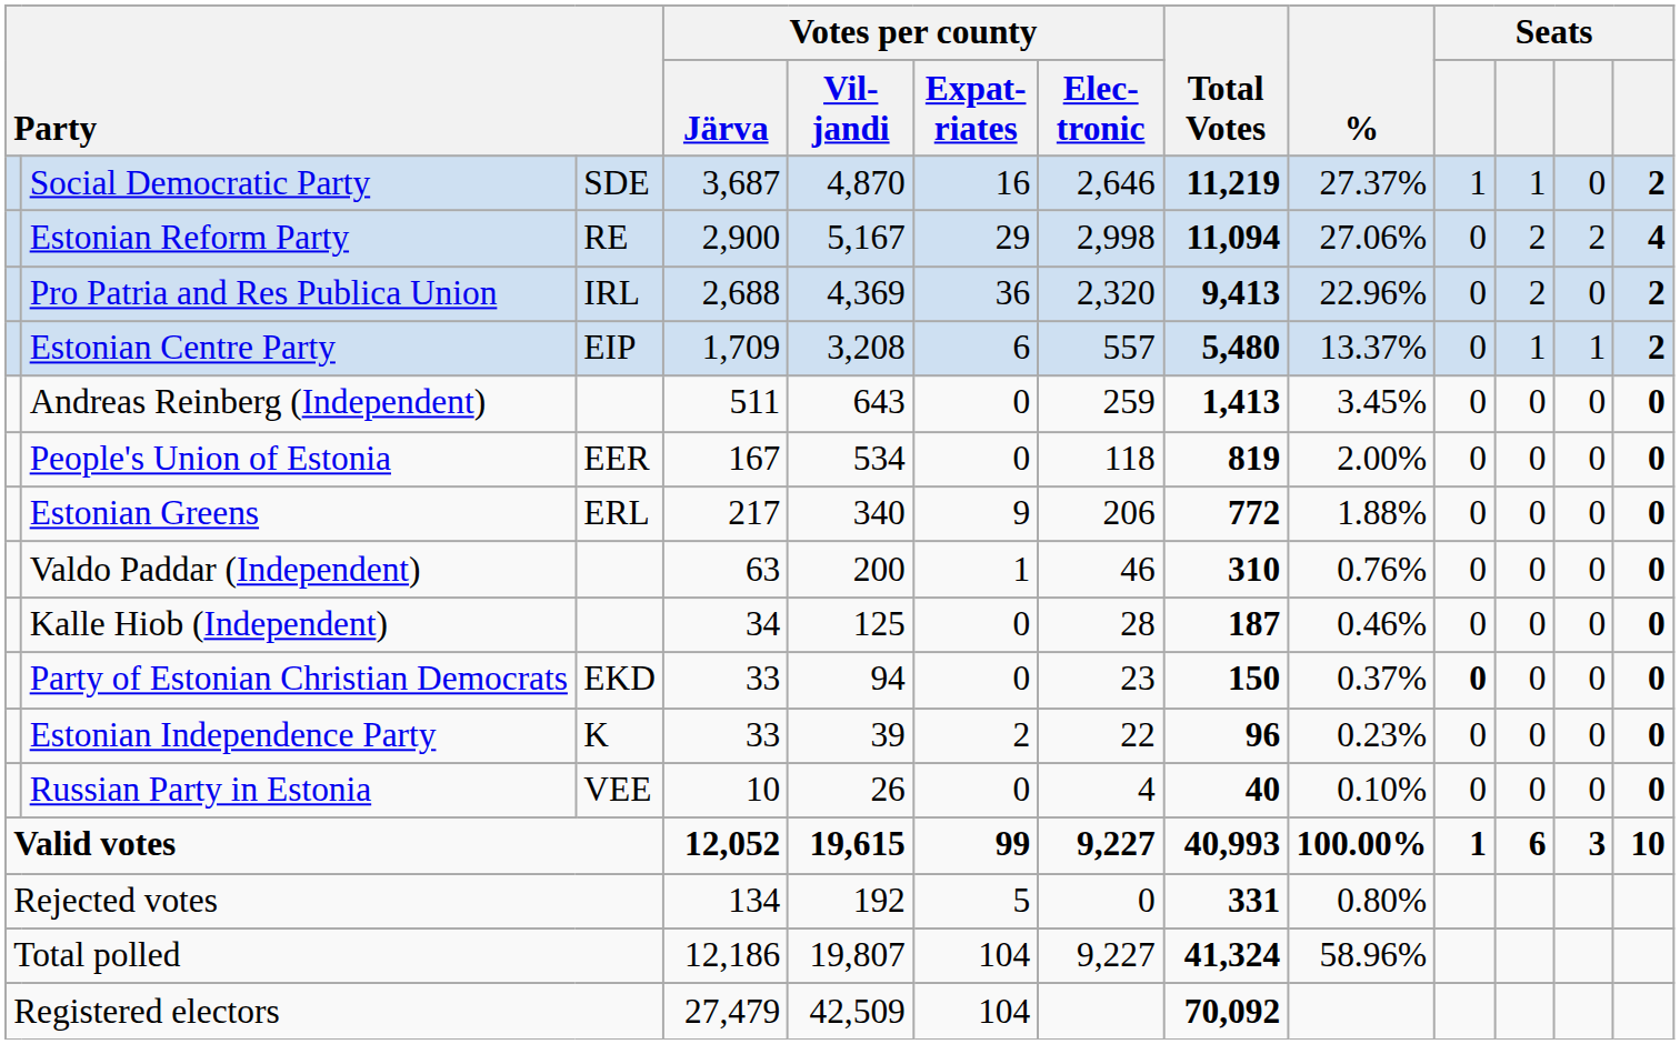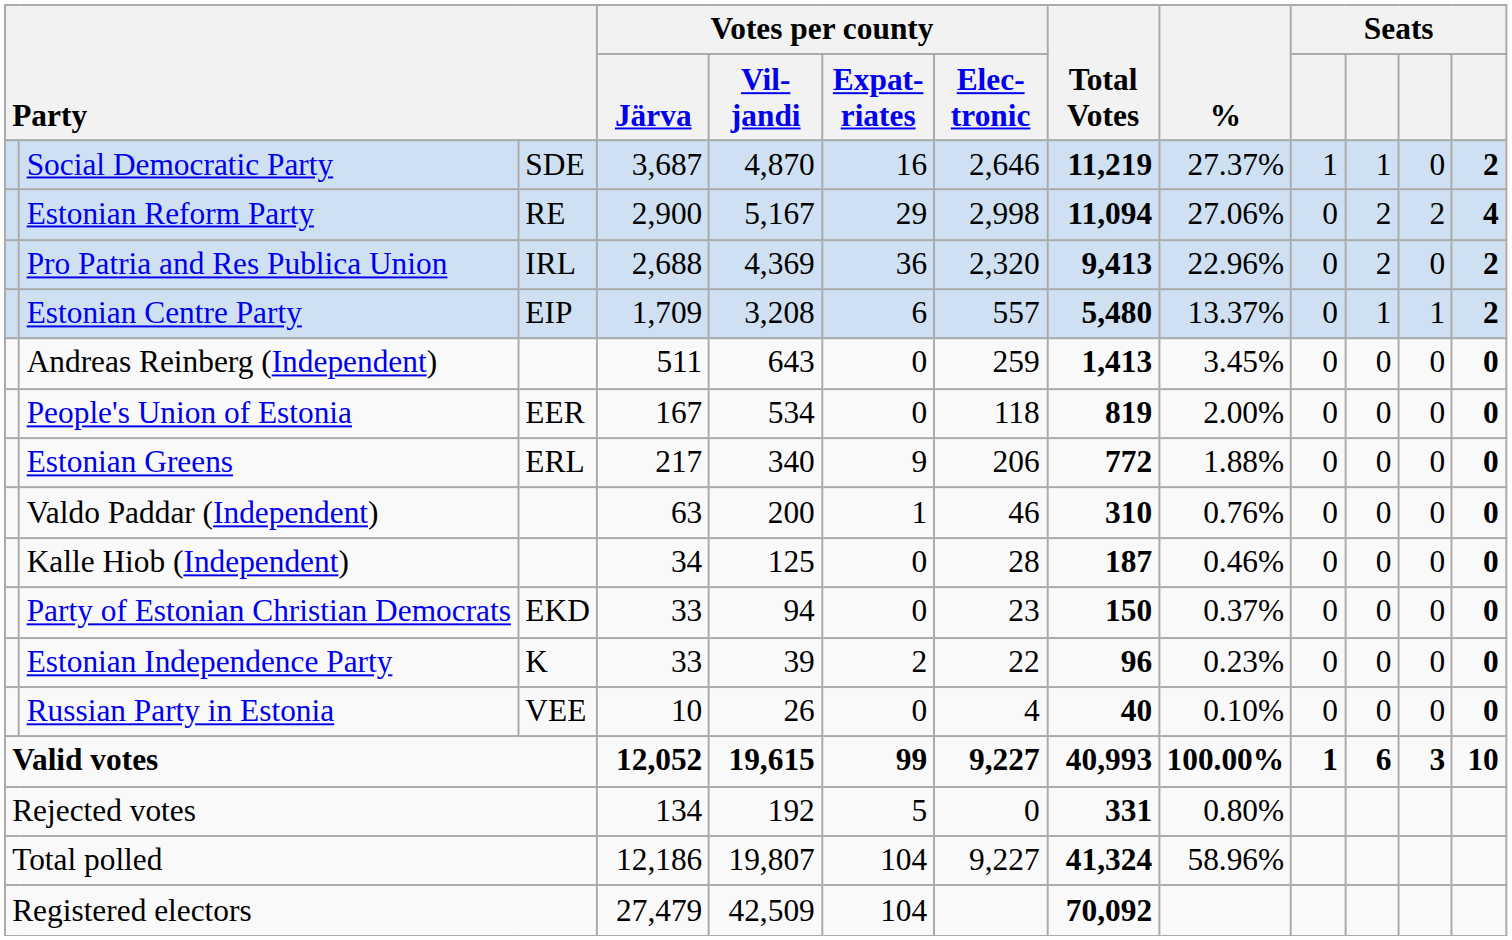 <table class="wikitable" border="1" style="text-align:right;">
 <tr>
 <th style="text-align:left;" valign=bottom rowspan=2 colspan=3>Party</th>
 <th colspan=4>Votes per county</th>
 <th align=center valign=bottom rowspan=2 width="50">Total Votes</th>
 <th align=center valign=bottom rowspan=2 width="50">%</th>
 <th colspan=4>Seats</th>
 </tr>
 <tr>
 <th align=center valign=bottom width="50"><a href='#'>Järva</a></th>
 <th align=center valign=bottom width="50"><a href='#'>Vil- jandi</a></th>
 <th align=center valign=bottom width="50"><a href='#'>Expat- riates</a></th>
 <th align=center valign=bottom width="50"><a href='#'>Elec- tronic</a></th>
 <th align=center valign=bottom width="20"><small></small></th>
 <th align=center valign=bottom width="20"><small></small></th>
 <th align=center valign=bottom width="20"><small></small></th>
 <th align=center valign=bottom width="20"><small></small></th>
 </tr>
 <tr style="background:#CEE0F2;">
 <td style="background:"></td>
 <td align=left><a href='#'>Social Democratic Party</a></td>
 <td align=left>SDE</td>
 <td>3,687</td>
 <td>4,870</td>
 <td>16</td>
 <td>2,646</td>
 <td><strong>11,219</strong></td>
 <td>27.37%</td>
 <td>1</td>
 <td>1</td>
 <td>0</td>
 <td><strong>2</strong></td>
 </tr>
 <tr style="background:#CEE0F2;">
 <td style="background:"></td>
 <td align=left><a href='#'>Estonian Reform Party</a></td>
 <td align=left>RE</td>
 <td>2,900</td>
 <td>5,167</td>
 <td>29</td>
 <td>2,998</td>
 <td><strong>11,094</strong></td>
 <td>27.06%</td>
 <td>0</td>
 <td>2</td>
 <td>2</td>
 <td><strong>4</strong></td>
 </tr>
 <tr style="background:#CEE0F2;">
 <td style="background:"></td>
 <td align=left><a href='#'>Pro Patria and Res Publica Union</a></td>
 <td align=left>IRL</td>
 <td>2,688</td>
 <td>4,369</td>
 <td>36</td>
 <td>2,320</td>
 <td><strong>9,413</strong></td>
 <td>22.96%</td>
 <td>0</td>
 <td>2</td>
 <td>0</td>
 <td><strong>2</strong></td>
 </tr>
 <tr style="background:#CEE0F2;">
 <td style="background:"></td>
 <td align=left><a href='#'>Estonian Centre Party</a></td>
 <td align=left>EIP</td>
 <td>1,709</td>
 <td>3,208</td>
 <td>6</td>
 <td>557</td>
 <td><strong>5,480</strong></td>
 <td>13.37%</td>
 <td>0</td>
 <td>1</td>
 <td>1</td>
 <td><strong>2</strong></td>
 </tr>
 <tr>
 <td style="background:"></td>
 <td align=left>Andreas Reinberg (<a href='#'>Independent</a>)</td>
 <td></td>
 <td>511</td>
 <td>643</td>
 <td>0</td>
 <td>259</td>
 <td><strong>1,413</strong></td>
 <td>3.45%</td>
 <td>0</td>
 <td>0</td>
 <td>0</td>
 <td><strong>0</strong></td>
 </tr>
 <tr>
 <td style="background:"></td>
 <td align=left><a href='#'>People's Union of Estonia</a></td>
 <td align=left>EER</td>
 <td>167</td>
 <td>534</td>
 <td>0</td>
 <td>118</td>
 <td><strong>819</strong></td>
 <td>2.00%</td>
 <td>0</td>
 <td>0</td>
 <td>0</td>
 <td><strong>0</strong></td>
 </tr>
 <tr>
 <td style="background:"></td>
 <td align=left><a href='#'>Estonian Greens</a></td>
 <td align=left>ERL</td>
 <td>217</td>
 <td>340</td>
 <td>9</td>
 <td>206</td>
 <td><strong>772</strong></td>
 <td>1.88%</td>
 <td>0</td>
 <td>0</td>
 <td>0</td>
 <td><strong>0</strong></td>
 </tr>
 <tr>
 <td style="background:"></td>
 <td align=left>Valdo Paddar (<a href='#'>Independent</a>)</td>
 <td></td>
 <td>63</td>
 <td>200</td>
 <td>1</td>
 <td>46</td>
 <td><strong>310</strong></td>
 <td>0.76%</td>
 <td>0</td>
 <td>0</td>
 <td>0</td>
 <td><strong>0</strong></td>
 </tr>
 <tr>
 <td style="background:"></td>
 <td align=left>Kalle Hiob (<a href='#'>Independent</a>)</td>
 <td></td>
 <td>34</td>
 <td>125</td>
 <td>0</td>
 <td>28</td>
 <td><strong>187</strong></td>
 <td>0.46%</td>
 <td>0</td>
 <td>0</td>
 <td>0</td>
 <td><strong>0</strong></td>
 </tr>
 <tr>
 <td style="background:"></td>
 <td align=left><a href='#'>Party of Estonian Christian Democrats</a></td>
 <td align=left>EKD</td>
 <td>33</td>
 <td>94</td>
 <td>0</td>
 <td>23</td>
 <td><strong>150</strong></td>
 <td>0.37%</td>
-<td><strong>0</strong></td>
+<td>0</td>
 <td>0</td>
 <td>0</td>
 <td><strong>0</strong></td>
 </tr>
 <tr>
 <td style="background:"></td>
 <td align=left><a href='#'>Estonian Independence Party</a></td>
 <td align=left>K</td>
 <td>33</td>
 <td>39</td>
 <td>2</td>
 <td>22</td>
 <td><strong>96</strong></td>
 <td>0.23%</td>
 <td>0</td>
 <td>0</td>
 <td>0</td>
 <td><strong>0</strong></td>
 </tr>
 <tr>
 <td></td>
 <td align=left><a href='#'>Russian Party in Estonia</a></td>
 <td align=left>VEE</td>
 <td>10</td>
 <td>26</td>
 <td>0</td>
 <td>4</td>
 <td><strong>40</strong></td>
 <td>0.10%</td>
 <td>0</td>
 <td>0</td>
 <td>0</td>
 <td><strong>0</strong></td>
 </tr>
 <tr style="font-weight:bold">
 <td align=left colspan=3>Valid votes</td>
 <td>12,052</td>
 <td>19,615</td>
 <td>99</td>
 <td>9,227</td>
 <td>40,993</td>
 <td>100.00%</td>
 <td>1</td>
 <td>6</td>
 <td>3</td>
 <td>10</td>
 </tr>
 <tr>
 <td align=left colspan=3>Rejected votes</td>
 <td>134</td>
 <td>192</td>
 <td>5</td>
 <td>0</td>
 <td><strong>331</strong></td>
 <td>0.80%</td>
 <td></td>
 <td></td>
 <td></td>
 <td></td>
 </tr>
 <tr>
 <td align=left colspan=3>Total polled</td>
 <td>12,186</td>
 <td>19,807</td>
 <td>104</td>
 <td>9,227</td>
 <td><strong>41,324</strong></td>
 <td>58.96%</td>
 <td></td>
 <td></td>
 <td></td>
 <td></td>
 </tr>
 <tr>
 <td align=left colspan=3>Registered electors</td>
 <td>27,479</td>
 <td>42,509</td>
 <td>104</td>
 <td></td>
 <td><strong>70,092</strong></td>
 <td></td>
 <td></td>
 <td></td>
 <td></td>
 <td></td>
 </tr>
 </table>
